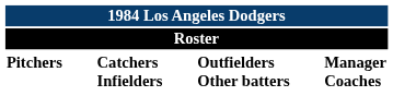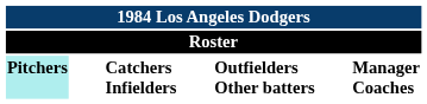 <table class="toccolours" style="font-size: 95%;">
 <tr>
 <th colspan="10" style="background-color: #083c6b; color: white; text-align: center;">1984 Los Angeles Dodgers</th>
 </tr>
 <tr>
 <td colspan="10" style="background-color: black; color: white; text-align: center;"><strong>Roster</strong></td>
 </tr>
 <tr>
-<td valign="top"><strong>Pitchers</strong><br>                        </td>
+<td valign="top" style="background: paleturquoise;"><strong>Pitchers</strong><br>                        </td>
 <td width="25px"></td>
 <td valign="top"><strong>Catchers</strong><br>    <strong>Infielders</strong>          </td>
 <td width="25px"></td>
 <td valign="top"><strong>Outfielders</strong><br>         <strong>Other batters</strong> </td>
 <td width="25px"></td>
 <td valign="top"><strong>Manager</strong><br> <strong>Coaches</strong>     </td>
 </tr>
 </table>
